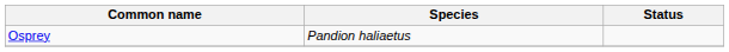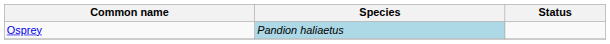 <table width=70% class="wikitable">
 <tr>
 <th width=20%>Common name</th>
 <th width=20%>Species</th>
 <th width=8%>Status</th>
 </tr>
 <tr>
 <td><a href='#'>Osprey</a></td>
-<td><em>Pandion haliaetus</em></td>
+<td style="background: lightblue;"><em>Pandion haliaetus</em></td>
 <td align=center></td>
 </tr>
 <tr>
 </tr>
 </table>
